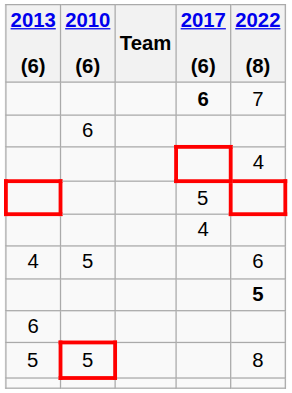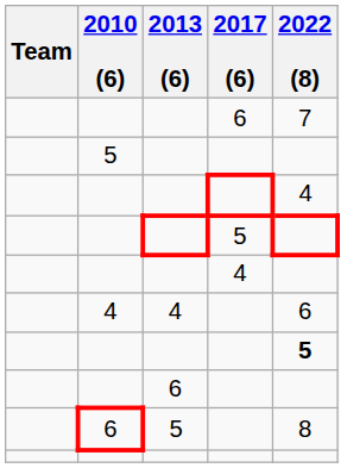 <table class="wikitable">
 <tr align=center>
+<th>Team</th>
+<th><a href='#'>2010</a><br><br>(6)</th>
 <th><a href='#'>2013</a><br><br>(6)</th>
-<th><a href='#'>2010</a><br><br>(6)</th>
-<th>Team</th>
 <th><a href='#'>2017</a><br><br>(6)</th>
 <th><a href='#'>2022</a><br><br>(8)</th>
 </tr>
 <tr align=center>
+<td align=left></td>
 <td></td>
 <td></td>
-<td align=left></td>
-<td><strong>6</strong></td>
+<td>6</td>
 <td>7</td>
 </tr>
 <tr align=center>
+<td align=left></td>
+<td>5</td>
 <td></td>
-<td>6</td>
-<td align=left></td>
 <td></td>
 <td></td>
 </tr>
 <tr align=center>
+<td align=left></td>
 <td></td>
 <td></td>
-<td align=left></td>
 <td style="border: 3px solid red"></td>
 <td>4</td>
 </tr>
 <tr align=center>
+<td align=left></td>
+<td></td>
 <td style="border: 3px solid red"></td>
-<td></td>
-<td align=left></td>
 <td>5</td>
 <td style="border: 3px solid red"></td>
 </tr>
 <tr align=center>
+<td align=left></td>
 <td></td>
 <td></td>
-<td align=left></td>
 <td>4</td>
 <td></td>
 </tr>
 <tr align=center>
+<td align=left></td>
 <td>4</td>
-<td>5</td>
-<td align=left></td>
+<td>4</td>
 <td></td>
 <td>6</td>
 </tr>
 <tr align=center>
+<td align=left></td>
 <td></td>
 <td></td>
-<td align=left></td>
 <td></td>
 <td><strong>5</strong></td>
 </tr>
 <tr align=center>
+<td align=left></td>
+<td></td>
 <td>6</td>
-<td></td>
-<td align=left></td>
 <td></td>
 <td></td>
 </tr>
 <tr align=center>
+<td align=left></td>
+<td style="border: 3px solid red">6</td>
 <td>5</td>
-<td style="border: 3px solid red">5</td>
-<td align=left></td>
 <td></td>
 <td>8</td>
 </tr>
 <tr align=center>
+<td align=left></td>
 <td></td>
 <td></td>
-<td align=left></td>
 <td></td>
 <td></td>
 </tr>
 </table>
